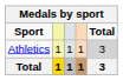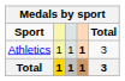 <table class="wikitable" style="font-size:85%; float:right;">
 <tr style="background:#efefef;">
 <th colspan=7><strong>Medals by sport</strong></th>
 </tr>
 <tr align=center>
 <td><strong>Sport</strong></td>
 <td style="background:#f7f6a8;"></td>
 <td style="background:#dce5e5;"></td>
 <td style="background:#ffdab9;"></td>
 <td><strong>Total</strong></td>
 </tr>
 <tr align=center>
 <td><a href='#'>Athletics</a></td>
 <td style="background:#f7f6a8;">1</td>
 <td style="background:#dce5e5;">1</td>
-<td style="background:#ffdab9;">1</td>
-<td style="background: lightgrey;">3</td>
+<td style="background:#ffdab9;"><strong>1</strong></td>
+<td>3</td>
 </tr>
 <tr align=center>
 <th><strong>Total</strong></th>
 <th style="background:gold;"><strong>1</strong></th>
 <th style="background:silver;"><strong>1</strong></th>
 <th style="background:#c96;"><strong>1</strong></th>
 <th><strong>3</strong></th>
 </tr>
 </table>
